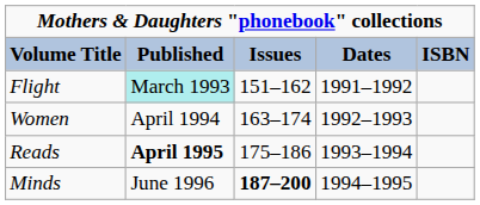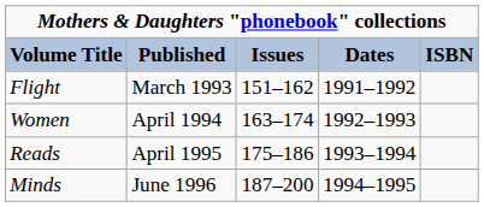 <table class="wikitable" style="float:right;margin-left:1em;">
 <tr>
 <td colspan="6" style="text-align:center;font-weight:bold;"><em>Mothers & Daughters</em> "<a href='#'>phonebook</a>" collections</td>
 </tr>
 <tr>
 <th style="background:#B0C4DE;">Volume Title</th>
 <th style="background:#B0C4DE;">Published</th>
 <th style="background:#B0C4DE;">Issues</th>
 <th style="background:#B0C4DE;">Dates</th>
 <th style="background:#B0C4DE;">ISBN</th>
 </tr>
 <tr>
 <td><em>Flight</em></td>
-<td style="background: paleturquoise;">March 1993</td>
+<td>March 1993</td>
 <td>151–162</td>
 <td>1991–1992</td>
 <td></td>
 </tr>
 <tr>
 <td><em>Women</em></td>
 <td>April 1994</td>
 <td>163–174</td>
 <td>1992–1993</td>
 <td></td>
 </tr>
 <tr>
 <td><em>Reads</em></td>
-<td><strong>April 1995</strong></td>
+<td>April 1995</td>
 <td>175–186</td>
 <td>1993–1994</td>
 <td></td>
 </tr>
 <tr>
 <td><em>Minds</em></td>
 <td>June 1996</td>
-<td><strong>187–200</strong></td>
+<td>187–200</td>
 <td>1994–1995</td>
 <td></td>
 </tr>
 </table>
